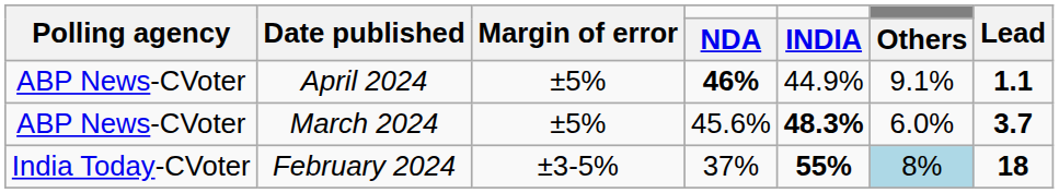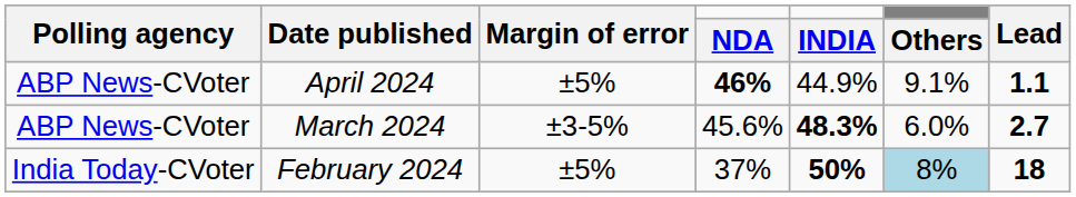 <table class="wikitable sortable" style="text-align:center;font-size:95%;line-height:16px">
 <tr>
 <th rowspan="2">Polling agency</th>
 <th rowspan="2">Date published</th>
 <th rowspan="2">Margin of error</th>
 <td></td>
 <td></td>
 <td bgcolor="grey"></td>
 <th rowspan="2">Lead</th>
 </tr>
 <tr>
 <th><a href='#'>NDA</a></th>
 <th><a href='#'>INDIA</a></th>
 <th>Others</th>
 </tr>
 <tr>
 <td><a href='#'>ABP News</a>-CVoter</td>
 <td><em>April 2024</em></td>
 <td>±5%</td>
 <td><strong>46%</strong></td>
 <td>44.9%</td>
 <td>9.1%</td>
 <td><strong>1.1</strong></td>
 </tr>
 <tr>
 <td><a href='#'>ABP News</a>-CVoter</td>
 <td><em>March 2024</em></td>
-<td>±5%</td>
+<td>±3-5%</td>
 <td>45.6%</td>
 <td><strong>48.3%</strong></td>
 <td>6.0%</td>
-<td><strong>3.7</strong></td>
+<td><strong>2.7</strong></td>
 </tr>
 <tr>
 <td><a href='#'>India Today</a>-CVoter</td>
 <td><em>February 2024</em></td>
-<td>±3-5%</td>
+<td>±5%</td>
 <td>37%</td>
-<td><strong>55%</strong></td>
+<td><strong>50%</strong></td>
 <td style="background: lightblue;">8%</td>
 <td><strong>18</strong></td>
 </tr>
 </table>
